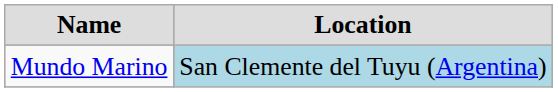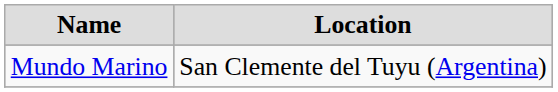 <table class="wikitable">
 <tr>
 <th style="background:#ddd;">Name</th>
 <th style="background:#ddd;">Location</th>
 </tr>
 <tr>
 <td><a href='#'>Mundo Marino</a></td>
-<td style="background: lightblue;">San Clemente del Tuyu (<a href='#'>Argentina</a>)</td>
+<td>San Clemente del Tuyu (<a href='#'>Argentina</a>)</td>
 </tr>
 </table>
